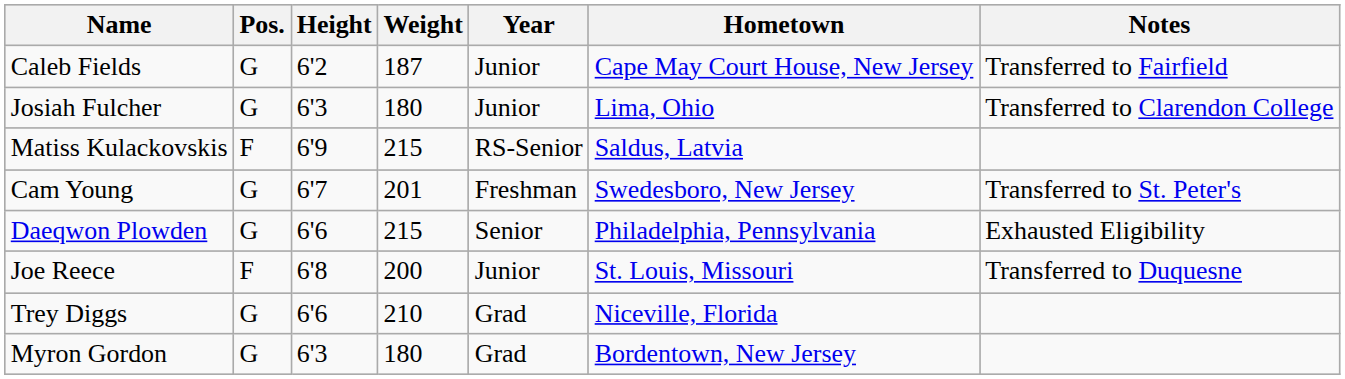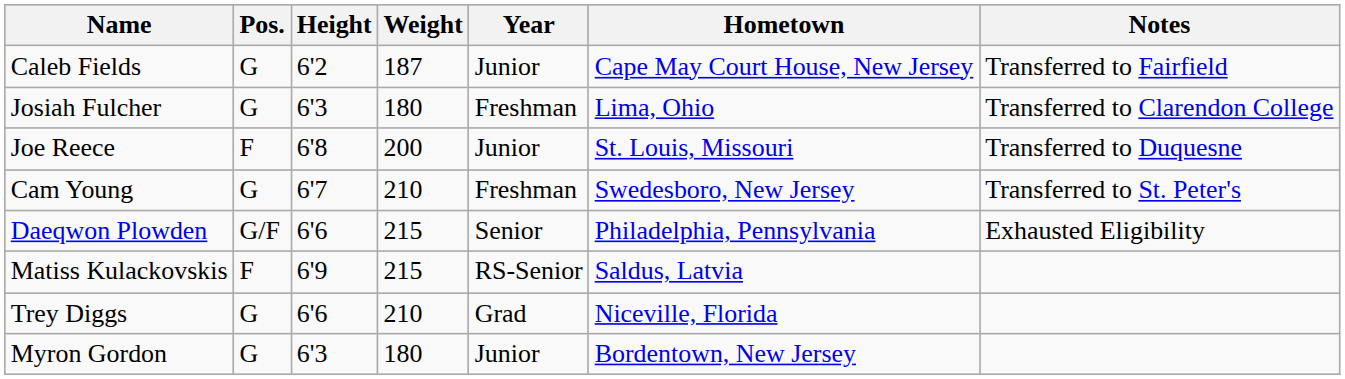 <table class="wikitable sortable" border="1">
 <tr align=center>
 <th>Name</th>
 <th>Pos.</th>
 <th>Height</th>
 <th>Weight</th>
 <th>Year</th>
 <th>Hometown</th>
 <th>Notes</th>
 </tr>
 <tr>
 <td>Caleb Fields</td>
 <td>G</td>
 <td>6'2</td>
 <td>187</td>
 <td>Junior</td>
 <td><a href='#'>Cape May Court House, New Jersey</a></td>
 <td>Transferred to <a href='#'>Fairfield</a></td>
 </tr>
 <tr>
 <td>Josiah Fulcher</td>
 <td>G</td>
 <td>6'3</td>
 <td>180</td>
-<td>Junior</td>
+<td>Freshman</td>
 <td><a href='#'>Lima, Ohio</a></td>
 <td>Transferred to <a href='#'>Clarendon College</a></td>
+</tr>
+<tr>
+<td>Joe Reece</td>
+<td>F</td>
+<td>6'8</td>
+<td>200</td>
+<td>Junior</td>
+<td><a href='#'>St. Louis, Missouri</a></td>
+<td>Transferred to <a href='#'>Duquesne</a></td>
+</tr>
+<tr>
+<td>Cam Young</td>
+<td>G</td>
+<td>6'7</td>
+<td>210</td>
+<td>Freshman</td>
+<td><a href='#'>Swedesboro, New Jersey</a></td>
+<td>Transferred to <a href='#'>St. Peter's</a></td>
+</tr>
+<tr>
+<td><a href='#'>Daeqwon Plowden</a></td>
+<td>G/F</td>
+<td>6'6</td>
+<td>215</td>
+<td>Senior</td>
+<td><a href='#'>Philadelphia, Pennsylvania</a></td>
+<td>Exhausted Eligibility</td>
 </tr>
 <tr>
 <td>Matiss Kulackovskis</td>
 <td>F</td>
 <td>6'9</td>
 <td>215</td>
 <td>RS-Senior</td>
 <td><a href='#'>Saldus, Latvia</a></td>
 <td></td>
-</tr>
-<tr>
-<td>Cam Young</td>
-<td>G</td>
-<td>6'7</td>
-<td>201</td>
-<td>Freshman</td>
-<td><a href='#'>Swedesboro, New Jersey</a></td>
-<td>Transferred to <a href='#'>St. Peter's</a></td>
-</tr>
-<tr>
-<td><a href='#'>Daeqwon Plowden</a></td>
-<td>G</td>
-<td>6'6</td>
-<td>215</td>
-<td>Senior</td>
-<td><a href='#'>Philadelphia, Pennsylvania</a></td>
-<td>Exhausted Eligibility</td>
-</tr>
-<tr>
-<td>Joe Reece</td>
-<td>F</td>
-<td>6'8</td>
-<td>200</td>
-<td>Junior</td>
-<td><a href='#'>St. Louis, Missouri</a></td>
-<td>Transferred to <a href='#'>Duquesne</a></td>
 </tr>
 <tr>
 <td>Trey Diggs</td>
 <td>G</td>
 <td>6'6</td>
 <td>210</td>
 <td>Grad</td>
 <td><a href='#'>Niceville, Florida</a></td>
 <td></td>
 </tr>
 <tr>
 <td>Myron Gordon</td>
 <td>G</td>
 <td>6'3</td>
 <td>180</td>
-<td>Grad</td>
+<td>Junior</td>
 <td><a href='#'>Bordentown, New Jersey</a></td>
 <td></td>
 </tr>
 </table>
